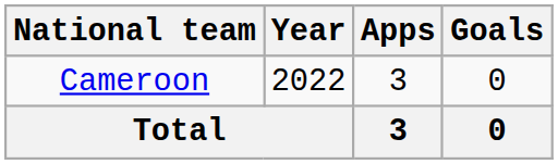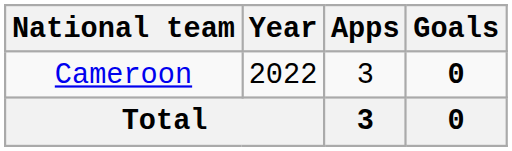 <table class="wikitable" style="text-align: center;">
 <tr>
 <th>National team</th>
 <th>Year</th>
 <th>Apps</th>
 <th>Goals</th>
 </tr>
 <tr>
 <td><a href='#'>Cameroon</a></td>
 <td>2022</td>
 <td>3</td>
-<td>0</td>
+<td><strong>0</strong></td>
 </tr>
 <tr>
 <th colspan="2">Total</th>
 <th>3</th>
 <th>0</th>
 </tr>
 </table>
